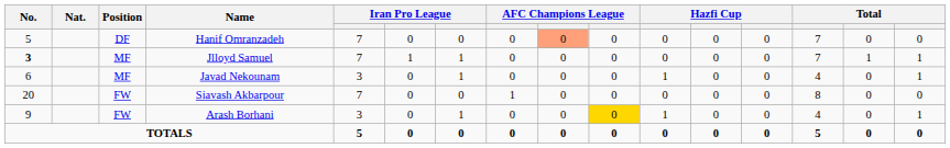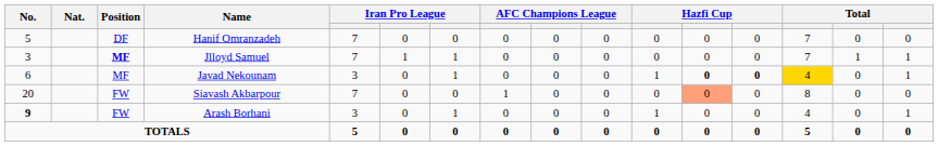 <table class="wikitable" style="font-size: 95%; text-align: center;">
 <tr>
 <th rowspan="2" style="width:5%;">No.</th>
 <th rowspan="2" style="width:5%;">Nat.</th>
 <th rowspan="2" style="width:5%;">Position</th>
 <th rowspan="2" style="width:20%;">Name</th>
 <th colspan=3><a href='#'>Iran Pro League</a></th>
 <th colspan=3><a href='#'>AFC Champions League</a></th>
 <th colspan=3><a href='#'>Hazfi Cup</a></th>
 <th colspan=3>Total</th>
 </tr>
 <tr>
 <th width=60></th>
 <th width=60></th>
 <th width=60></th>
 <th width=60></th>
 <th width=60></th>
 <th width=60></th>
 <th width=60></th>
 <th width=60></th>
 <th width=60></th>
 <th width=60></th>
 <th width=60></th>
 <th width=60></th>
 </tr>
 <tr>
 <td>5</td>
 <td></td>
 <td><a href='#'>DF</a></td>
 <td><a href='#'>Hanif Omranzadeh</a></td>
 <td>7</td>
 <td>0</td>
 <td>0</td>
 <td>0</td>
-<td style="background: lightsalmon;">0</td>
+<td>0</td>
 <td>0</td>
 <td>0</td>
 <td>0</td>
 <td>0</td>
 <td>7</td>
 <td>0</td>
 <td>0</td>
 </tr>
 <tr>
-<td><strong>3</strong></td>
+<td>3</td>
 <td></td>
-<td><a href='#'>MF</a></td>
+<td><strong><a href='#'>MF</a></strong></td>
 <td><a href='#'>Jlloyd Samuel</a></td>
 <td>7</td>
 <td>1</td>
 <td>1</td>
 <td>0</td>
 <td>0</td>
 <td>0</td>
 <td>0</td>
 <td>0</td>
 <td>0</td>
 <td>7</td>
 <td>1</td>
 <td>1</td>
 </tr>
 <tr>
 <td>6</td>
 <td></td>
 <td><a href='#'>MF</a></td>
 <td><a href='#'>Javad Nekounam</a></td>
 <td>3</td>
 <td>0</td>
 <td>1</td>
 <td>0</td>
 <td>0</td>
 <td>0</td>
 <td>1</td>
-<td>0</td>
-<td>0</td>
-<td>4</td>
+<td><strong>0</strong></td>
+<td><strong>0</strong></td>
+<td style="background: gold;">4</td>
 <td>0</td>
 <td>1</td>
 </tr>
 <tr>
 <td>20</td>
 <td></td>
 <td><a href='#'>FW</a></td>
 <td><a href='#'>Siavash Akbarpour</a></td>
 <td>7</td>
 <td>0</td>
 <td>0</td>
 <td>1</td>
 <td>0</td>
 <td>0</td>
 <td>0</td>
-<td>0</td>
+<td style="background: lightsalmon;">0</td>
 <td>0</td>
 <td>8</td>
 <td>0</td>
 <td>0</td>
 </tr>
 <tr>
-<td>9</td>
+<td><strong>9</strong></td>
 <td></td>
 <td><a href='#'>FW</a></td>
 <td><a href='#'>Arash Borhani</a></td>
 <td>3</td>
 <td>0</td>
 <td>1</td>
 <td>0</td>
 <td>0</td>
-<td style="background: gold;">0</td>
+<td>0</td>
 <td>1</td>
 <td>0</td>
 <td>0</td>
 <td>4</td>
 <td>0</td>
 <td>1</td>
 </tr>
 <tr>
 <td colspan="4"><strong>TOTALS</strong></td>
 <td><strong>5</strong></td>
 <td><strong>0</strong></td>
 <td><strong>0</strong></td>
 <td><strong>0</strong></td>
 <td><strong>0</strong></td>
 <td><strong>0</strong></td>
 <td><strong>0</strong></td>
 <td><strong>0</strong></td>
 <td><strong>0</strong></td>
 <td><strong>5</strong></td>
 <td><strong>0</strong></td>
 <td><strong>0</strong></td>
 </tr>
 </table>
